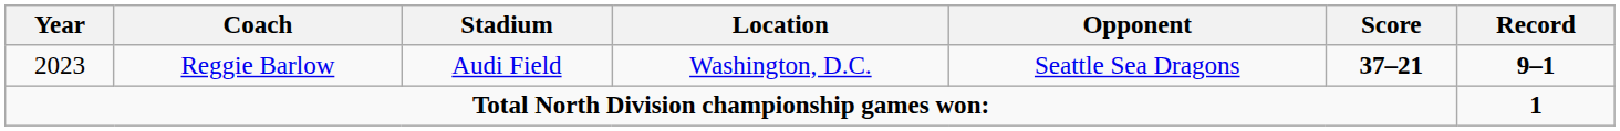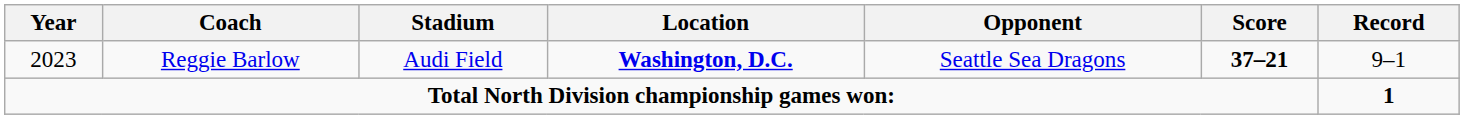 <table class="wikitable" style="width:80%;text-align:center">
 <tr>
 <th>Year</th>
 <th>Coach</th>
 <th>Stadium</th>
 <th>Location</th>
 <th>Opponent</th>
 <th>Score</th>
 <th>Record</th>
 </tr>
 <tr>
 <td>2023</td>
 <td><a href='#'>Reggie Barlow</a></td>
 <td><a href='#'>Audi Field</a></td>
-<td><a href='#'>Washington, D.C.</a></td>
+<td><strong><a href='#'>Washington, D.C.</a></strong></td>
 <td><a href='#'>Seattle Sea Dragons</a></td>
 <td><strong>37–21</strong></td>
-<td><strong>9–1</strong></td>
+<td>9–1</td>
 </tr>
 <tr>
 <td colspan="6"><strong>Total North Division championship games won:</strong></td>
 <td><strong>1</strong></td>
 </tr>
 </table>
